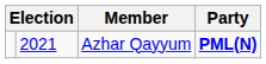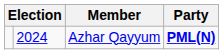 <table class="wikitable">
 <tr>
 <th colspan="2">Election</th>
 <th>Member</th>
 <th>Party</th>
 </tr>
 <tr>
 <td style="background-color: "></td>
-<td><a href='#'>2021</a></td>
+<td><a href='#'>2024</a></td>
 <td><a href='#'>Azhar Qayyum</a></td>
 <td><strong><a href='#'>PML(N)</a></strong></td>
 </tr>
 </table>
